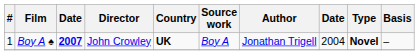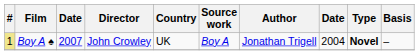 <table class="wikitable">
 <tr>
 <th>#</th>
 <th>Film</th>
 <th>Date</th>
 <th>Director</th>
 <th>Country</th>
 <th>Source<br>work</th>
 <th>Author</th>
 <th>Date</th>
 <th>Type</th>
 <th>Basis</th>
 </tr>
 <tr>
-<td>1</td>
+<td style="background: khaki;">1</td>
 <td><em><a href='#'>Boy A</a></em> ♠</td>
-<td><strong><a href='#'>2007</a></strong></td>
+<td><a href='#'>2007</a></td>
 <td><a href='#'>John Crowley</a></td>
-<td><strong>UK</strong></td>
+<td>UK</td>
 <td><em><a href='#'>Boy A</a></em></td>
 <td><a href='#'>Jonathan Trigell</a></td>
 <td>2004</td>
 <td><strong>Novel</strong></td>
 <td>–</td>
 </tr>
 <tr>
 </tr>
 </table>
